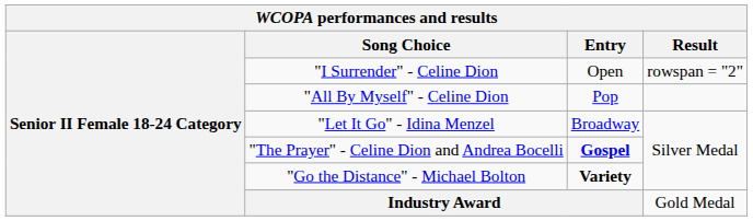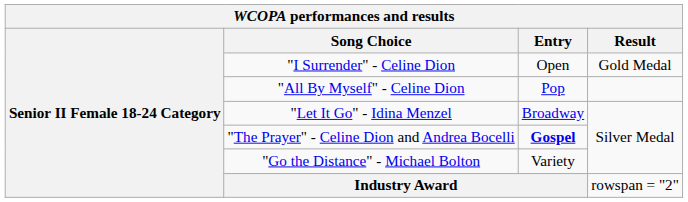 <table class="wikitable collapsible collapsed" style="margin:1em auto 1em auto; text-align:center;">
 <tr>
 <th colspan="5"><em>WCOPA</em> performances and results</th>
 </tr>
 <tr>
 <th rowspan="7" style="text-align:centre;">Senior II Female 18-24 Category</th>
 <th style="text-align:centre;">Song Choice</th>
 <th style="text-align:centre;">Entry</th>
 <th style="text-align:centre;">Result</th>
 </tr>
 <tr>
 <td>"<a href='#'>I Surrender</a>" - <a href='#'>Celine Dion</a></td>
 <td>Open</td>
-<td>rowspan = "2" </td>
+<td>Gold Medal</td>
 </tr>
 <tr>
 <td>"<a href='#'>All By Myself</a>" - <a href='#'>Celine Dion</a></td>
 <td><a href='#'>Pop</a></td>
 </tr>
 <tr>
 <td>"<a href='#'>Let It Go</a>" - <a href='#'>Idina Menzel</a></td>
 <td><a href='#'>Broadway</a></td>
 <td rowspan = "3">Silver Medal</td>
 </tr>
 <tr>
 <td>"<a href='#'>The Prayer</a>" - <a href='#'>Celine Dion</a> and <a href='#'>Andrea Bocelli</a></td>
 <td><strong><a href='#'>Gospel</a></strong></td>
 </tr>
 <tr>
 <td>"<a href='#'>Go the Distance</a>" - <a href='#'>Michael Bolton</a></td>
-<td><strong>Variety</strong></td>
+<td>Variety</td>
 </tr>
 <tr>
 <th colspan = "2" style="text-align:centre;">Industry Award</th>
-<td>Gold Medal</td>
+<td>rowspan = "2" </td>
 </tr>
 </table>
